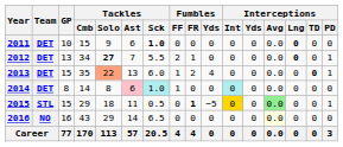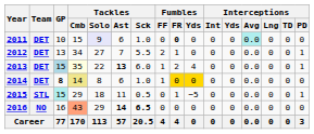 <table class="wikitable" style="text-align:center;">
 <tr>
 <th rowspan="2">Year</th>
 <th rowspan="2">Team</th>
 <th rowspan="2">GP</th>
 <th colspan="4">Tackles</th>
 <th colspan="3">Fumbles</th>
 <th colspan="6">Interceptions</th>
 </tr>
 <tr>
 <th>Cmb</th>
 <th>Solo</th>
 <th>Ast</th>
 <th>Sck</th>
 <th>FF</th>
 <th>FR</th>
 <th>Yds</th>
 <th>Int</th>
 <th>Yds</th>
 <th>Avg</th>
 <th>Lng</th>
 <th>TD</th>
 <th>PD</th>
 </tr>
 <tr>
 <th><a href='#'>2011</a></th>
 <th><a href='#'>DET</a></th>
 <td>10</td>
 <td>15</td>
-<td>9</td>
+<td style="background: lavender;">9</td>
 <td>6</td>
-<td><strong>1.0</strong></td>
+<td>1.0</td>
+<td>0</td>
+<td><strong>0</strong></td>
 <td>0</td>
 <td>0</td>
 <td>0</td>
+<td style="background: paleturquoise;">0.0</td>
 <td>0</td>
-<td>0</td>
-<td>0.0</td>
-<td><strong>0</strong></td>
 <td>0</td>
 <td>0</td>
 </tr>
 <tr>
 <th><a href='#'>2012</a></th>
 <th><a href='#'>DET</a></th>
 <td>13</td>
 <td>34</td>
-<td><strong>27</strong></td>
+<td>27</td>
 <td>7</td>
 <td>5.5</td>
 <td>2</td>
 <td>1</td>
 <td>0</td>
 <td>0</td>
 <td>0</td>
 <td>0.0</td>
-<td><strong>0</strong></td>
+<td>0</td>
 <td>0</td>
 <td>1</td>
 </tr>
 <tr>
 <th><a href='#'>2013</a></th>
 <th><a href='#'>DET</a></th>
-<td>15</td>
-<td>35</td>
-<td style="background: lightsalmon;">22</td>
-<td>13</td>
+<td style="background: lightblue;">15</td>
+<td style="background: lightyellow;">35</td>
+<td>22</td>
+<td><strong>13</strong></td>
 <td>6.0</td>
 <td>1</td>
 <td>2</td>
 <td>4</td>
 <td>0</td>
 <td>0</td>
 <td>0.0</td>
 <td>0</td>
-<td><strong>0</strong></td>
+<td>0</td>
 <td>1</td>
 </tr>
 <tr>
 <th><a href='#'>2014</a></th>
 <th><a href='#'>DET</a></th>
+<td><strong>8</strong></td>
+<td style="background: khaki;">14</td>
 <td>8</td>
-<td>14</td>
-<td>8</td>
-<td style="background: pink;">6</td>
-<td style="background: paleturquoise;">1.0</td>
+<td>6</td>
+<td>1.0</td>
 <td>1</td>
+<td style="background: gold;">0</td>
+<td style="background: gold;">0</td>
 <td>0</td>
-<td>0</td>
-<td style="background: paleturquoise;">0</td>
 <td>0</td>
 <td>0.0</td>
 <td>0</td>
 <td>0</td>
 <td>0</td>
 </tr>
 <tr>
 <th><a href='#'>2015</a></th>
 <th><a href='#'>STL</a></th>
-<td>15</td>
+<td style="background: paleturquoise;">15</td>
 <td>29</td>
 <td>18</td>
 <td>11</td>
 <td>0.5</td>
 <td>0</td>
-<td><strong>1</strong></td>
+<td>1</td>
 <td>−5</td>
-<td style="background: gold;">0</td>
 <td>0</td>
-<td style="background: lightgreen;">0.0</td>
+<td>0</td>
+<td>0.0</td>
 <td>0</td>
 <td>0</td>
 <td>1</td>
 </tr>
 <tr>
 <th><a href='#'>2016</a></th>
 <th><a href='#'>NO</a></th>
 <td>16</td>
-<td>43</td>
+<td style="background: lightsalmon;">43</td>
 <td>29</td>
-<td>14</td>
-<td>6.5</td>
+<td><strong>14</strong></td>
+<td><strong>6.5</strong></td>
 <td>0</td>
 <td>0</td>
 <td>0</td>
 <td>0</td>
 <td>0</td>
-<td style="background: lightyellow;">0.0</td>
+<td>0.0</td>
 <td>0</td>
 <td>0</td>
 <td>0</td>
 </tr>
 <tr>
 <th colspan="2">Career</th>
 <th>77</th>
 <th>170</th>
 <th>113</th>
 <th>57</th>
 <th>20.5</th>
 <th>4</th>
 <th>4</th>
 <th>0</th>
 <th>0</th>
 <th>0</th>
 <th>0.0</th>
 <th>0</th>
 <th>0</th>
 <th>3</th>
 </tr>
 </table>
